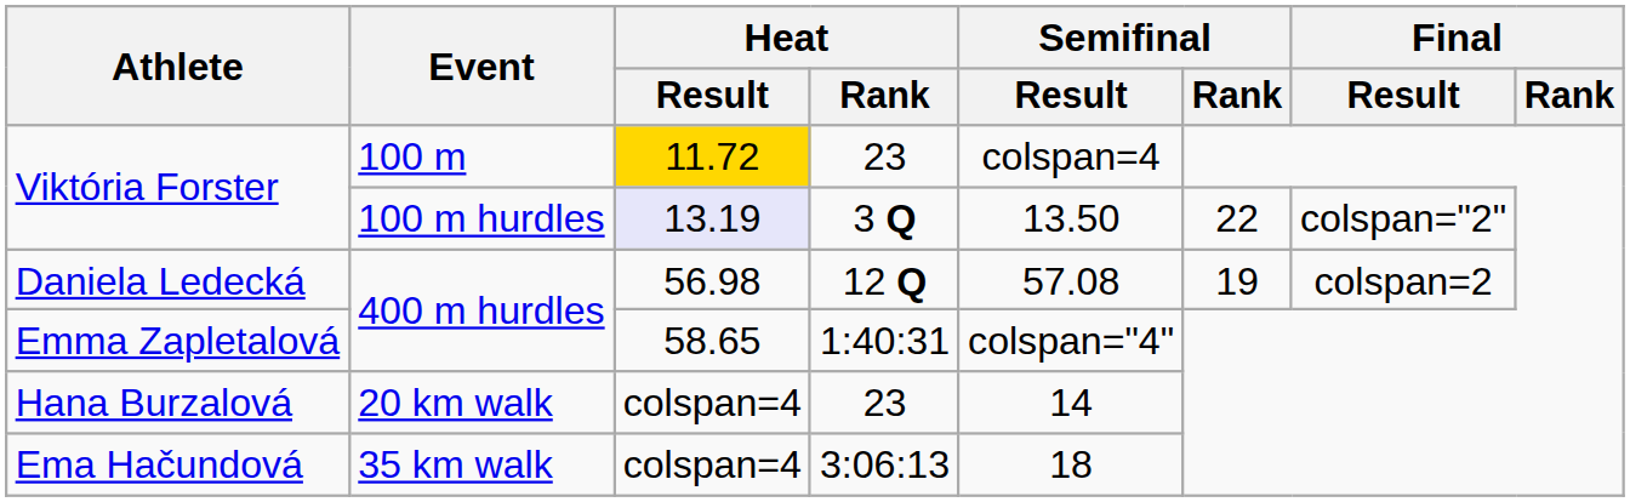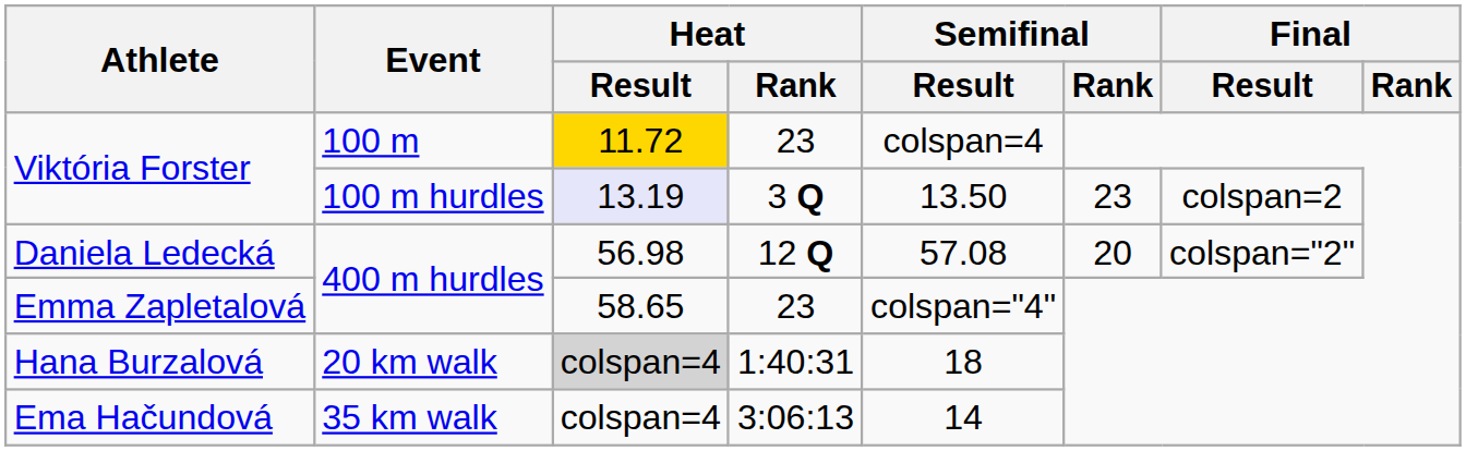 <table class="wikitable" style="font-size:90%">
 <tr>
 <th rowspan="2">Athlete</th>
 <th rowspan="2">Event</th>
 <th colspan="2">Heat</th>
 <th colspan="2">Semifinal</th>
 <th colspan="2">Final</th>
 </tr>
 <tr style="font-size:95%">
 <th>Result</th>
 <th>Rank</th>
 <th>Result</th>
 <th>Rank</th>
 <th>Result</th>
 <th>Rank</th>
 </tr>
 <tr align=center>
 <td align=left rowspan=2><a href='#'>Viktória Forster</a></td>
 <td align=left><a href='#'>100 m</a></td>
 <td style="background: gold;">11.72</td>
 <td>23</td>
 <td>colspan=4 </td>
 </tr>
 <tr align=center>
 <td align=left><a href='#'>100 m hurdles</a></td>
 <td style="background: lavender;">13.19</td>
 <td>3 <strong>Q</strong></td>
 <td>13.50</td>
-<td>22</td>
-<td>colspan="2" </td>
+<td>23</td>
+<td>colspan=2 </td>
 </tr>
 <tr align=center>
 <td align=left><a href='#'>Daniela Ledecká</a></td>
 <td align=left rowspan=2><a href='#'>400 m hurdles</a></td>
 <td>56.98</td>
 <td>12 <strong>Q</strong></td>
 <td>57.08</td>
-<td>19</td>
-<td>colspan=2 </td>
+<td>20</td>
+<td>colspan="2" </td>
 </tr>
 <tr align=center>
 <td align=left><a href='#'>Emma Zapletalová</a></td>
 <td>58.65  </td>
-<td>1:40:31 </td>
+<td>23</td>
 <td>colspan="4" </td>
 </tr>
 <tr align=center>
 <td align=left><a href='#'>Hana Burzalová</a></td>
 <td align=left><a href='#'>20 km walk</a></td>
-<td>colspan=4 </td>
-<td>23</td>
-<td>14</td>
+<td style="background: lightgrey;">colspan=4 </td>
+<td>1:40:31 </td>
+<td>18</td>
 </tr>
 <tr align=center>
 <td align=left><a href='#'>Ema Hačundová</a></td>
 <td align=left><a href='#'>35 km walk</a></td>
 <td>colspan=4 </td>
 <td>3:06:13 </td>
-<td>18</td>
+<td>14</td>
 </tr>
 </table>
